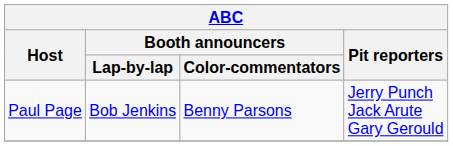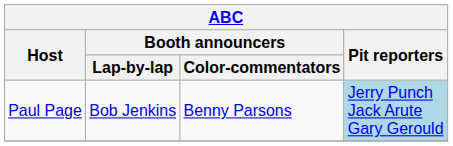 <table class="wikitable" style="font-size: 95%;">
 <tr>
 <th colspan=4><a href='#'>ABC</a></th>
 </tr>
 <tr>
 <th rowspan=2>Host</th>
 <th colspan=2>Booth announcers</th>
 <th rowspan=2>Pit reporters</th>
 </tr>
 <tr>
 <th><strong>Lap-by-lap</strong></th>
 <th><strong>Color-commentators</strong></th>
 </tr>
 <tr>
 <td><a href='#'>Paul Page</a></td>
 <td><a href='#'>Bob Jenkins</a></td>
 <td><a href='#'>Benny Parsons</a></td>
-<td><a href='#'>Jerry Punch</a> <br> <a href='#'>Jack Arute</a> <br> <a href='#'>Gary Gerould</a></td>
+<td style="background: lightblue;"><a href='#'>Jerry Punch</a> <br> <a href='#'>Jack Arute</a> <br> <a href='#'>Gary Gerould</a></td>
 </tr>
 <tr>
 </tr>
 </table>
